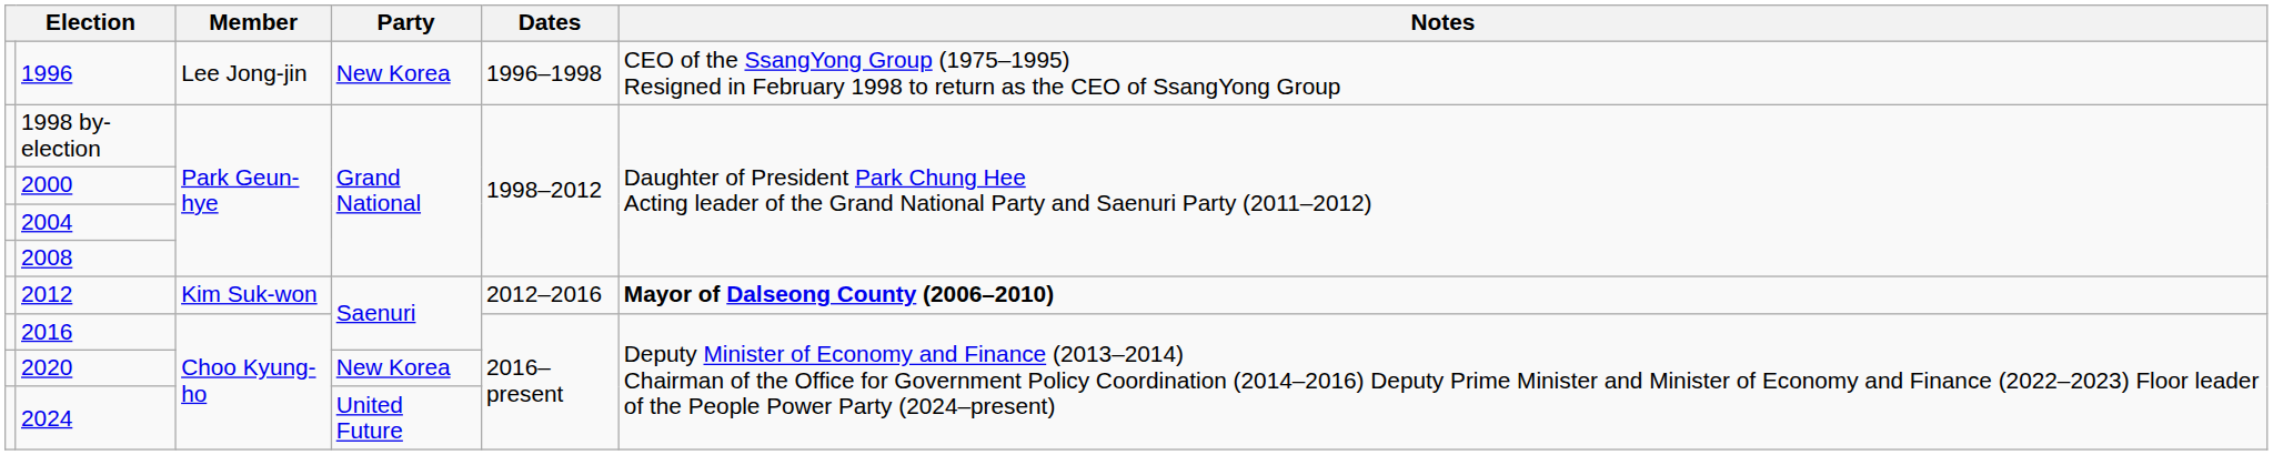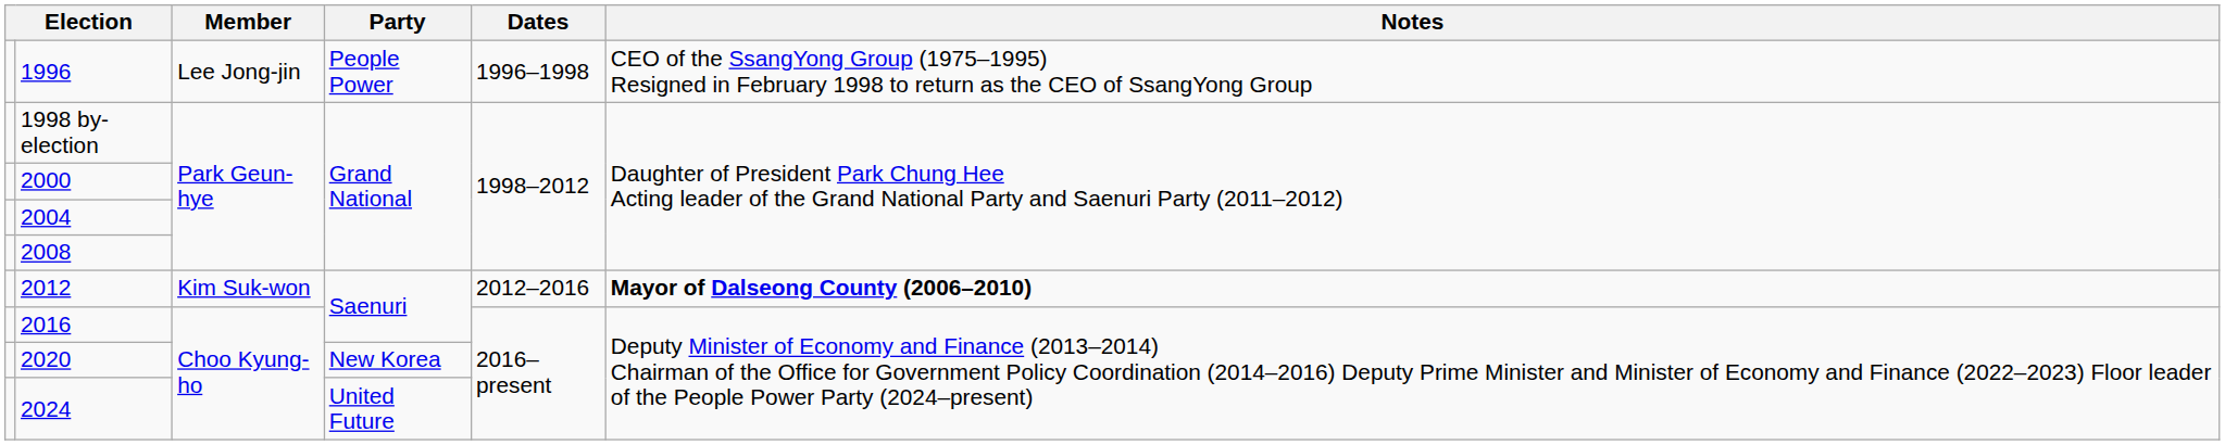 <table class="wikitable">
 <tr>
 <th colspan="2">Election</th>
 <th>Member</th>
 <th>Party</th>
 <th>Dates</th>
 <th>Notes</th>
 </tr>
 <tr>
 <td style="color:inherit;background:"></td>
 <td><a href='#'>1996</a></td>
 <td>Lee Jong-jin</td>
-<td><a href='#'>New Korea</a></td>
+<td><a href='#'>People Power</a></td>
 <td>1996–1998</td>
 <td>CEO of the <a href='#'>SsangYong Group</a> (1975–1995)<br>Resigned in February 1998 to return as the CEO of SsangYong Group</td>
 </tr>
 <tr>
 <td style="color:inherit;background:"></td>
 <td>1998 by-election</td>
 <td rowspan="4"><a href='#'>Park Geun-hye</a></td>
 <td rowspan="4"><a href='#'>Grand National</a></td>
 <td rowspan="4">1998–2012</td>
 <td rowspan="4">Daughter of President <a href='#'>Park Chung Hee</a><br>Acting leader of the Grand National Party and Saenuri Party (2011–2012)</td>
 </tr>
 <tr>
 <td style="color:inherit;background:"></td>
 <td><a href='#'>2000</a></td>
 </tr>
 <tr>
 <td style="color:inherit;background:"></td>
 <td><a href='#'>2004</a></td>
 </tr>
 <tr>
 <td style="color:inherit;background:"></td>
 <td><a href='#'>2008</a></td>
 </tr>
 <tr>
 <td style="color:inherit;background:"></td>
 <td><a href='#'>2012</a></td>
 <td><a href='#'>Kim Suk-won</a></td>
 <td rowspan="2"><a href='#'>Saenuri</a></td>
 <td>2012–2016</td>
 <td><strong>Mayor of <a href='#'>Dalseong County</a> (2006–2010)</strong></td>
 </tr>
 <tr>
 <td style="color:inherit;background:"></td>
 <td><a href='#'>2016</a></td>
 <td rowspan="3"><a href='#'>Choo Kyung-ho</a></td>
 <td rowspan="3">2016–present</td>
 <td rowspan="3">Deputy <a href='#'>Minister of Economy and Finance</a> (2013–2014)<br>Chairman of the Office for Government Policy Coordination (2014–2016) Deputy Prime Minister and Minister of Economy and Finance (2022–2023) Floor leader of the People Power Party (2024–present)</td>
 </tr>
 <tr>
 <td style="color:inherit;background:"></td>
 <td><a href='#'>2020</a></td>
 <td><a href='#'>New Korea</a></td>
 </tr>
 <tr>
 <td style="color:inherit;background:"></td>
 <td><a href='#'>2024</a></td>
 <td><a href='#'>United Future</a></td>
 </tr>
 </table>
